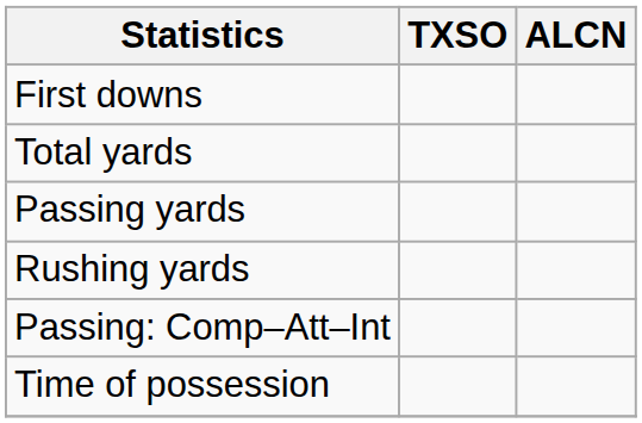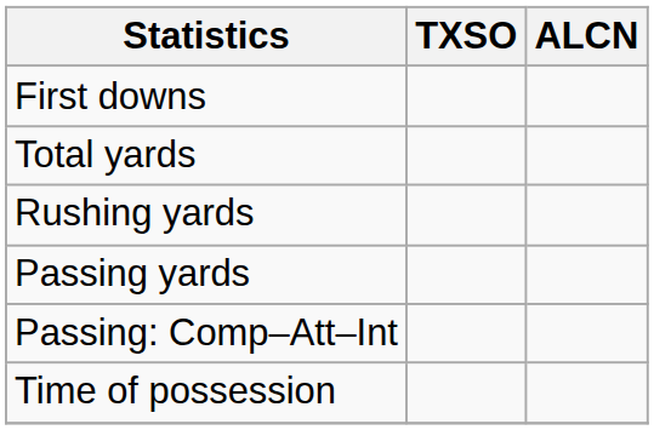 <table class="wikitable" style="float: left;">
 <tr>
 <th>Statistics</th>
 <th>TXSO</th>
 <th>ALCN</th>
 </tr>
 <tr>
 <td>First downs</td>
 <td></td>
 <td></td>
 </tr>
 <tr>
 <td>Total yards</td>
 <td></td>
 <td></td>
 </tr>
 <tr>
-<td>Passing yards</td>
+<td>Rushing yards</td>
 <td></td>
 <td></td>
 </tr>
 <tr>
-<td>Rushing yards</td>
+<td>Passing yards</td>
 <td></td>
 <td></td>
 </tr>
 <tr>
 <td>Passing: Comp–Att–Int</td>
 <td></td>
 <td></td>
 </tr>
 <tr>
 <td>Time of possession</td>
 <td></td>
 <td></td>
 </tr>
 <tr>
 </tr>
 </table>
